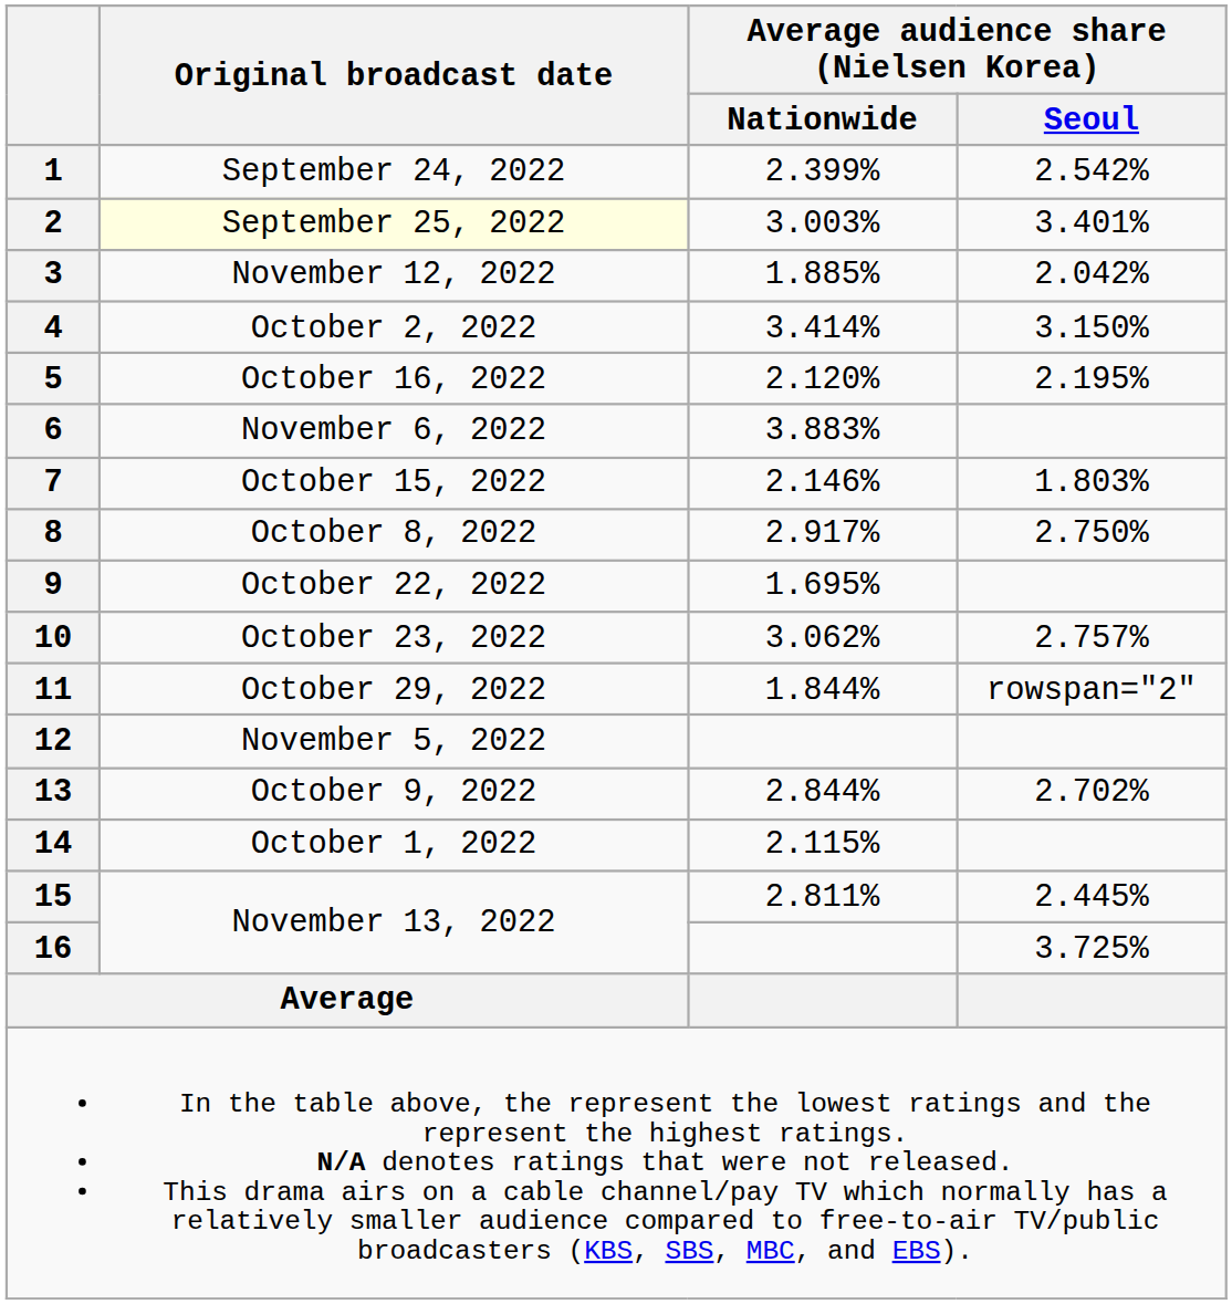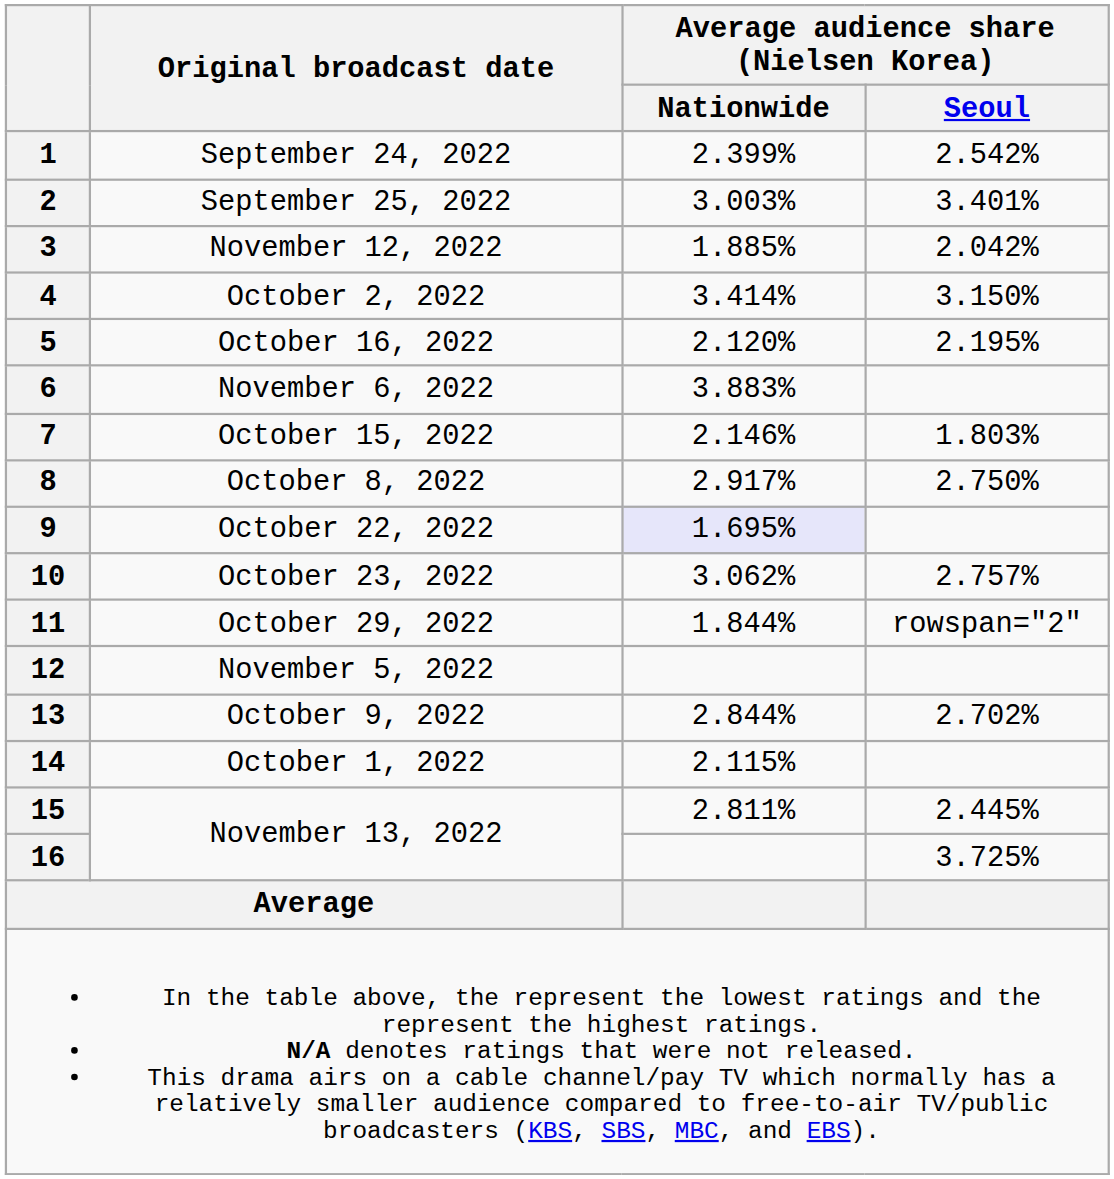 <table class="wikitable" style="margin-left:auto; margin-right:auto; width:500px; text-align:center">
 <tr Average TV viewership ratings>
 <th scope="col" rowspan="2"></th>
 <th scope="col" rowspan="2">Original broadcast date</th>
 <th scope="col" colspan="2">Average audience share<br>(Nielsen Korea)</th>
 </tr>
 <tr>
 <th scope="col" style="width:8em">Nationwide</th>
 <th scope="col" style="width:8em"><a href='#'>Seoul</a></th>
 </tr>
 <tr>
 <th scope="col">1</th>
 <td>September 24, 2022</td>
 <td>2.399% </td>
 <td>2.542% </td>
 </tr>
 <tr>
 <th scope="col">2</th>
-<td style="background: lightyellow;">September 25, 2022</td>
+<td>September 25, 2022</td>
 <td>3.003% </td>
 <td>3.401% </td>
 </tr>
 <tr>
 <th scope="col">3</th>
 <td>November 12, 2022</td>
 <td>1.885% </td>
 <td>2.042% </td>
 </tr>
 <tr>
 <th scope="col">4</th>
 <td>October 2, 2022</td>
 <td>3.414% </td>
 <td>3.150% </td>
 </tr>
 <tr>
 <th scope="col">5</th>
 <td>October 16, 2022</td>
 <td>2.120% </td>
 <td>2.195% </td>
 </tr>
 <tr>
 <th scope="col">6</th>
 <td>November 6, 2022</td>
 <td>3.883% </td>
 <td><strong></strong> </td>
 </tr>
 <tr>
 <th scope="col">7</th>
 <td>October 15, 2022</td>
 <td>2.146% </td>
 <td>1.803% </td>
 </tr>
 <tr>
 <th scope="col">8</th>
 <td>October 8, 2022</td>
 <td>2.917% </td>
 <td>2.750% </td>
 </tr>
 <tr>
 <th scope="col">9</th>
 <td>October 22, 2022</td>
-<td>1.695% </td>
+<td style="background: lavender;">1.695% </td>
 <td><strong></strong> </td>
 </tr>
 <tr>
 <th scope="col">10</th>
 <td>October 23, 2022</td>
 <td>3.062% </td>
 <td>2.757% </td>
 </tr>
 <tr>
 <th scope="col">11</th>
 <td>October 29, 2022</td>
 <td>1.844% </td>
 <td>rowspan="2" </td>
 </tr>
 <tr>
 <th scope="col">12</th>
 <td>November 5, 2022</td>
 <td><strong></strong> </td>
 </tr>
 <tr>
 <th scope="col">13</th>
 <td>October 9, 2022</td>
 <td>2.844% </td>
 <td>2.702% </td>
 </tr>
 <tr>
 <th scope="col">14</th>
 <td>October 1, 2022</td>
 <td>2.115% </td>
 <td></td>
 </tr>
 <tr>
 <th scope="col">15</th>
 <td rowspan="2">November 13, 2022</td>
 <td>2.811% </td>
 <td>2.445% </td>
 </tr>
 <tr>
 <th scope="col">16</th>
 <td><strong></strong> </td>
 <td>3.725% </td>
 </tr>
 <tr>
 <th scope="col" colspan="2">Average</th>
 <th scope="col"></th>
 <th scope="col"></th>
 </tr>
 <tr>
 <td colspan="4" style="font-size:85%"><br><ul><li>In the table above, the <strong></strong> represent the lowest ratings and the <strong></strong> represent the highest ratings.</li><li><strong>N/A</strong> denotes ratings that were not released.</li><li>This drama airs on a cable channel/pay TV which normally has a relatively smaller audience compared to free-to-air TV/public broadcasters (<a href='#'>KBS</a>, <a href='#'>SBS</a>, <a href='#'>MBC</a>, and <a href='#'>EBS</a>).</li></ul></td>
 </tr>
 </table>
